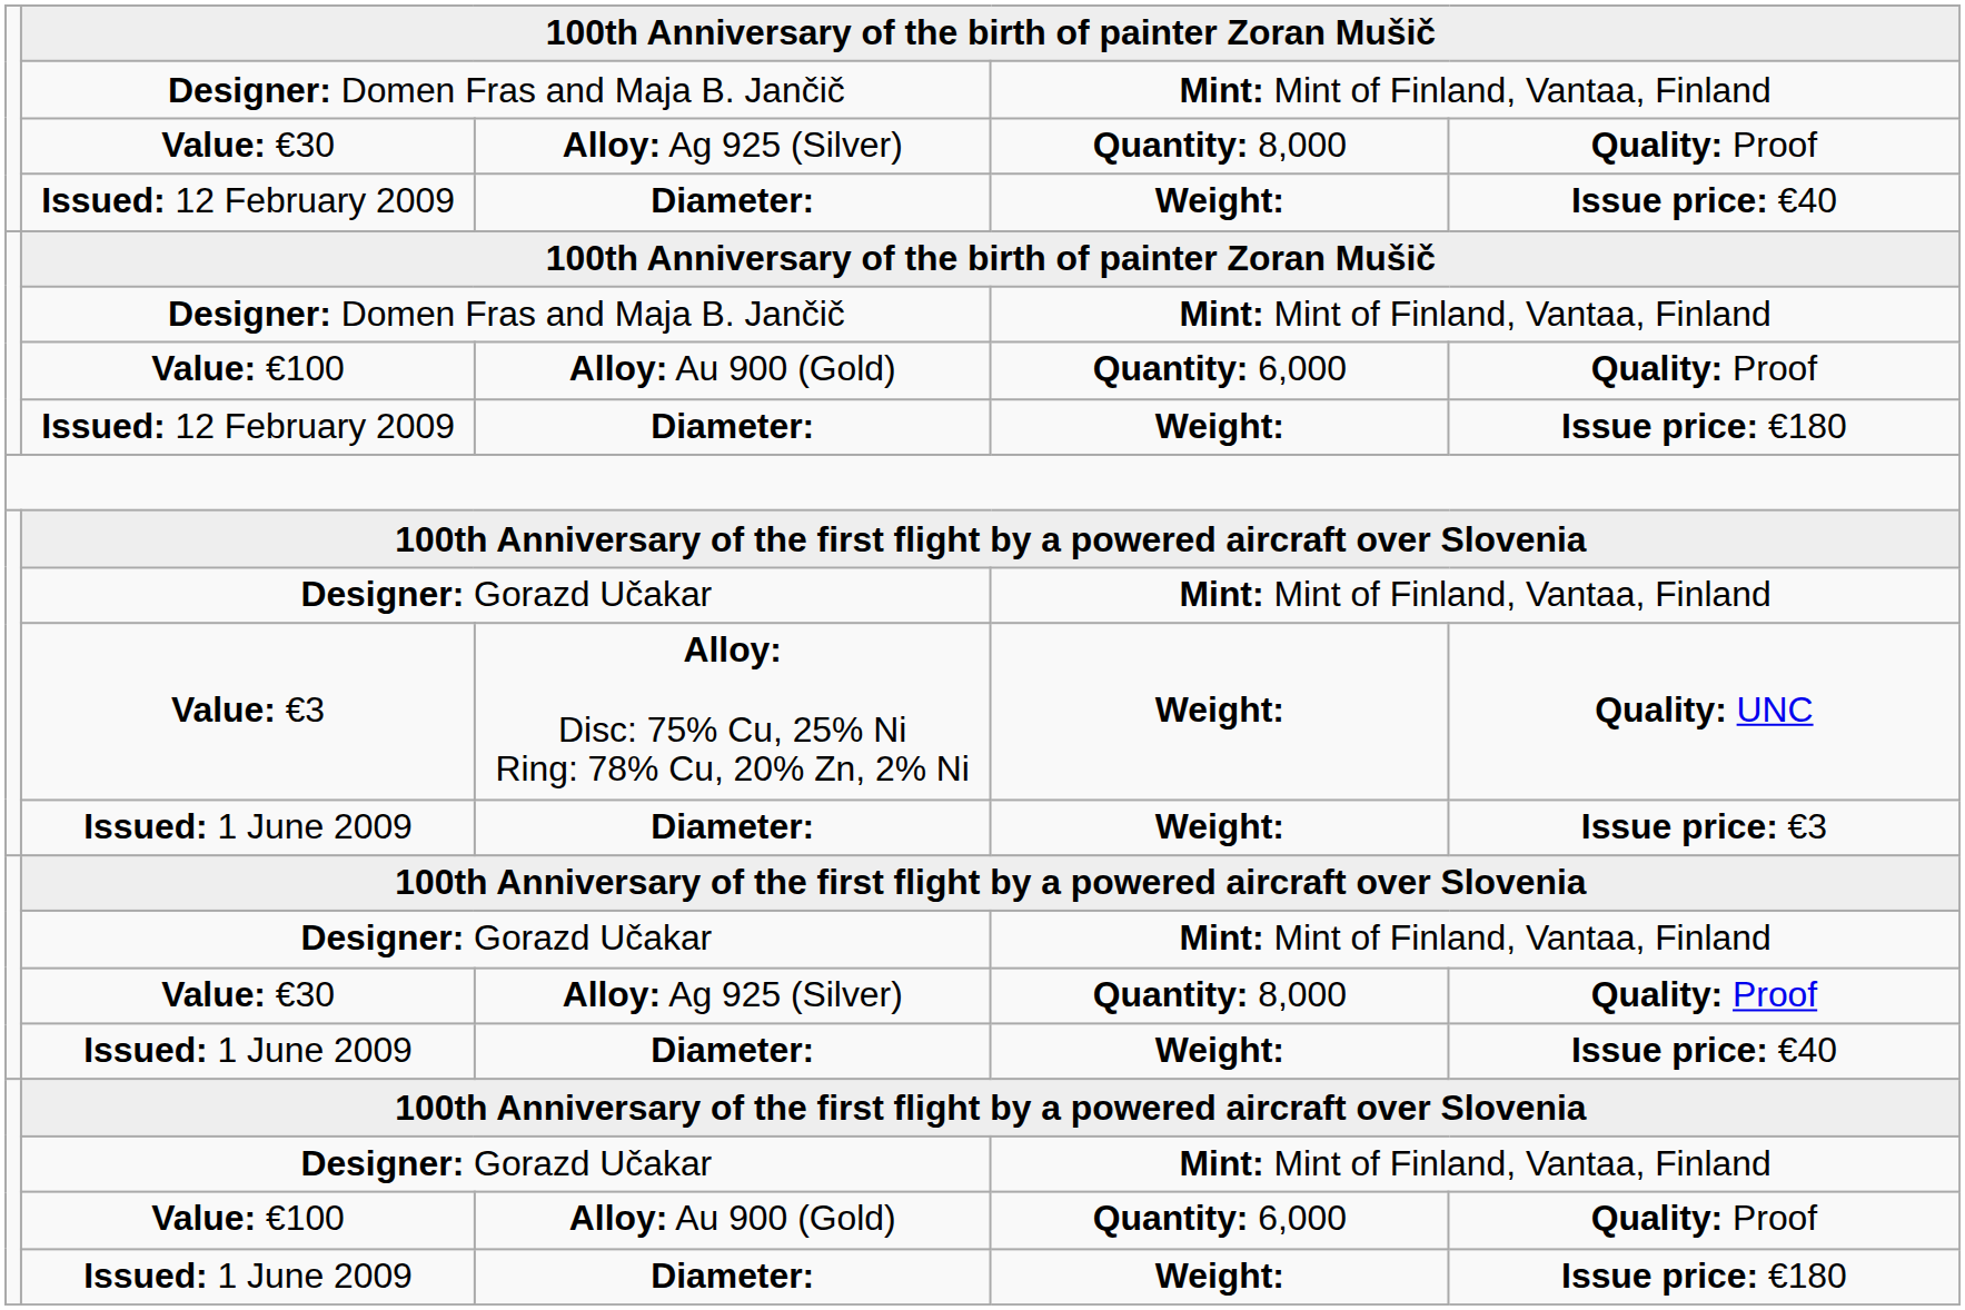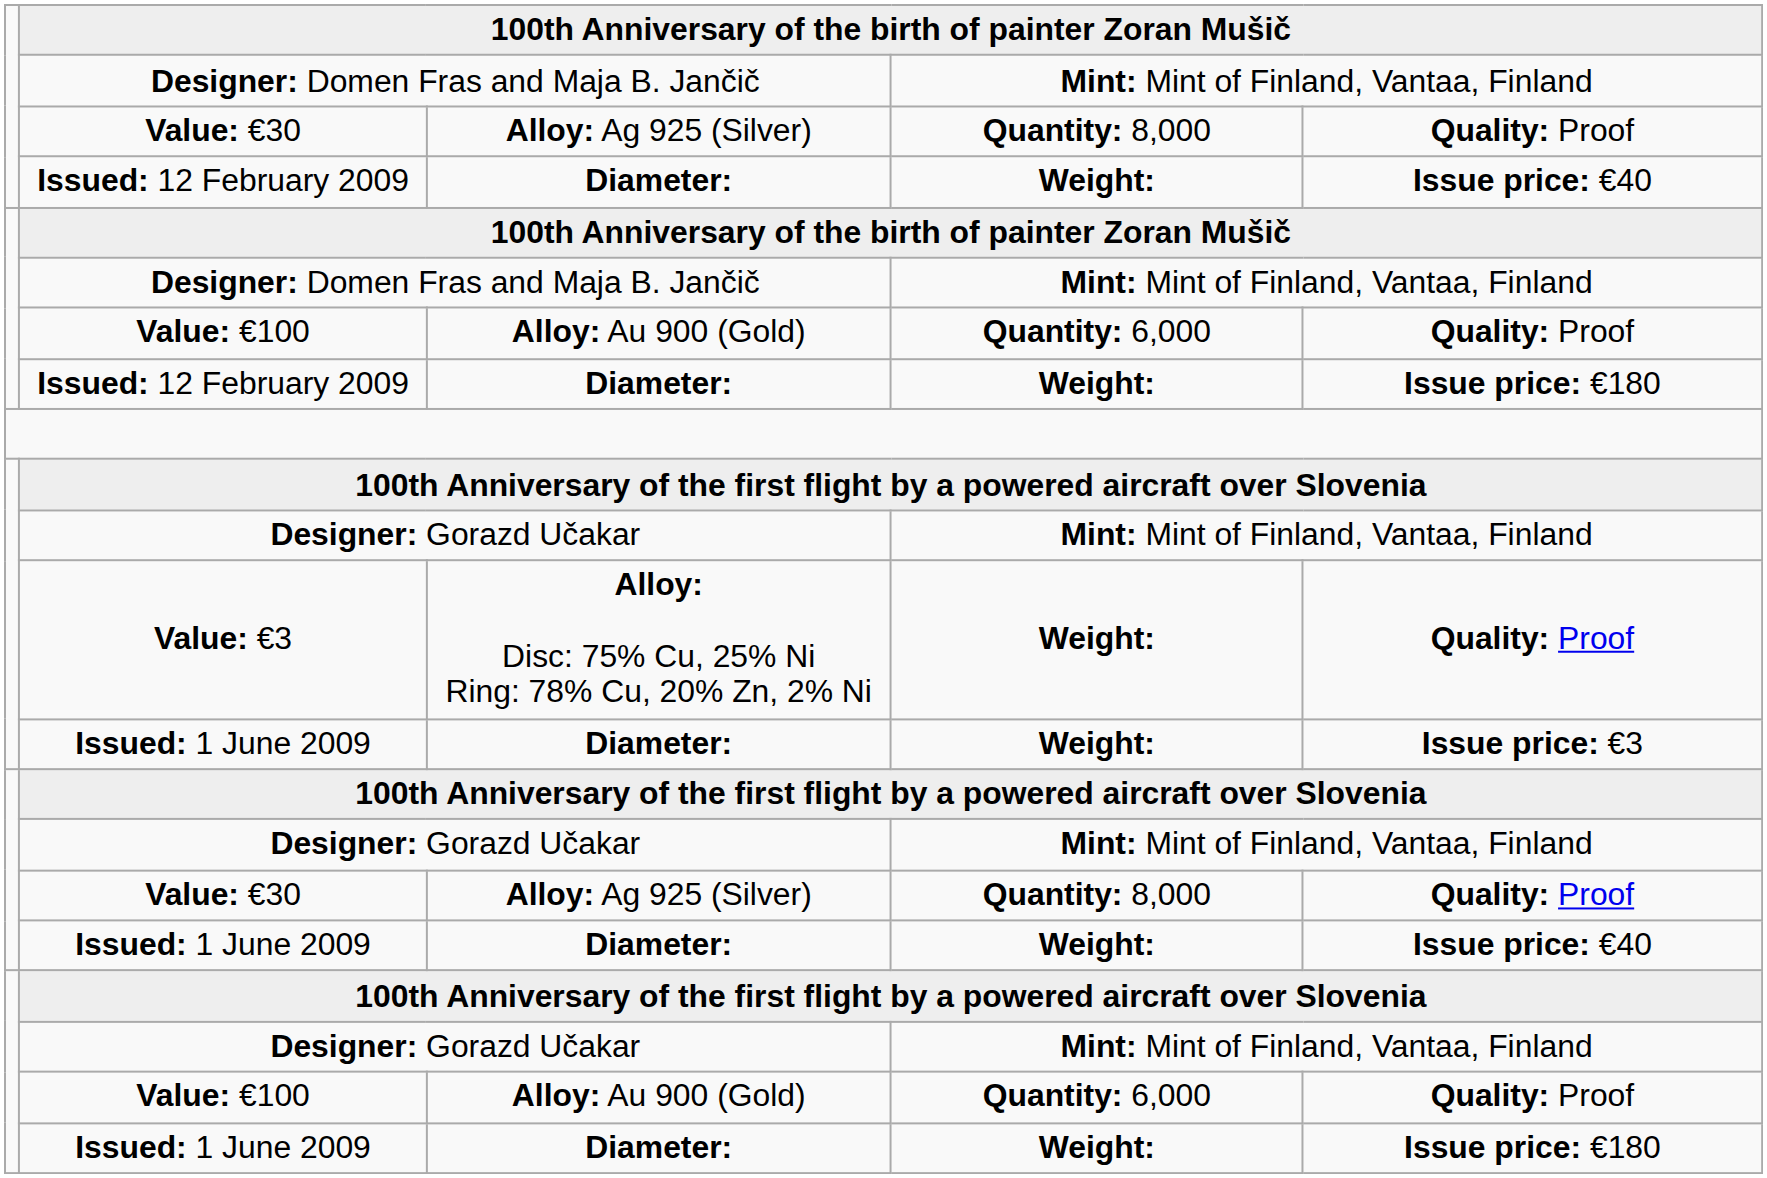 <table class="wikitable" style="width:100%;">
 <tr>
 <td rowspan="4"  style="text-align:center; width:330px; white-space:nowrap;"></td>
 <th colspan="4"  style="text-align:center; background:#eee;">100th Anniversary of the birth of painter Zoran Mušič </th>
 </tr>
 <tr style="text-align:center;">
 <td colspan="2"  style="width:50%; "><strong>Designer:</strong> Domen Fras and Maja B. Jančič</td>
 <td colspan="2"  style="width:50%; "><strong>Mint:</strong> Mint of Finland, Vantaa, Finland</td>
 </tr>
 <tr>
 <td align=center><strong>Value:</strong> €30</td>
 <td align=center><strong>Alloy:</strong> Ag 925 (Silver)</td>
 <td align=center><strong>Quantity:</strong> 8,000</td>
 <td align=center><strong>Quality:</strong> Proof</td>
 </tr>
 <tr>
 <td align=center><strong>Issued:</strong> 12 February 2009</td>
 <td align=center><strong>Diameter:</strong> </td>
 <td align=center><strong>Weight:</strong> </td>
 <td align=center><strong>Issue price:</strong> €40</td>
 </tr>
 <tr>
 <td rowspan="4"  style="text-align:center; width:330px; white-space:nowrap;"></td>
 <th colspan="4"  style="text-align:center; background:#eee;">100th Anniversary of the birth of painter Zoran Mušič </th>
 </tr>
 <tr style="text-align:center;">
 <td colspan="2"  style="width:50%; "><strong>Designer:</strong> Domen Fras and Maja B. Jančič</td>
 <td colspan="2"  style="width:50%; "><strong>Mint:</strong> Mint of Finland, Vantaa, Finland</td>
 </tr>
 <tr>
 <td align=center><strong>Value:</strong> €100</td>
 <td align=center><strong>Alloy:</strong> Au 900 (Gold)</td>
 <td align=center><strong>Quantity:</strong> 6,000</td>
 <td align=center><strong>Quality:</strong> Proof</td>
 </tr>
 <tr>
 <td align=center><strong>Issued:</strong> 12 February 2009</td>
 <td align=center><strong>Diameter:</strong> </td>
 <td align=center><strong>Weight:</strong> </td>
 <td align=center><strong>Issue price:</strong> €180</td>
 </tr>
 <tr>
 <td colspan="5" style="text-align:left;"> </td>
 </tr>
 <tr>
 <td rowspan="4"  style="text-align:center; width:330px; white-space:nowrap;"></td>
 <th colspan="4"  style="text-align:center; background:#eee;">100th Anniversary of the first flight by a powered aircraft over Slovenia </th>
 </tr>
 <tr style="text-align:center;">
 <td colspan="2"  style="width:50%; "><strong>Designer:</strong> Gorazd Učakar</td>
 <td colspan="2"  style="width:50%; "><strong>Mint:</strong> Mint of Finland, Vantaa, Finland</td>
 </tr>
 <tr>
 <td align=center><strong>Value:</strong> €3</td>
 <td align=center><strong>Alloy:</strong><br><br>Disc: 75% Cu, 25% Ni <br> Ring: 78% Cu, 20% Zn, 2% Ni</td>
 <td align=center><strong>Weight:</strong> </td>
-<td align=center><strong>Quality:</strong> <a href='#'>UNC</a></td>
+<td align=center><strong>Quality:</strong> <a href='#'>Proof</a></td>
 </tr>
 <tr>
 <td align=center><strong>Issued:</strong> 1 June 2009</td>
 <td align=center><strong>Diameter:</strong> </td>
 <td align=center><strong>Weight:</strong> </td>
 <td align=center><strong>Issue price:</strong> €3</td>
 </tr>
 <tr>
 <td rowspan="4"  style="text-align:center; width:330px; white-space:nowrap;"></td>
 <th colspan="4"  style="text-align:center; background:#eee;">100th Anniversary of the first flight by a powered aircraft over Slovenia </th>
 </tr>
 <tr style="text-align:center;">
 <td colspan="2"  style="width:50%; "><strong>Designer:</strong> Gorazd Učakar</td>
 <td colspan="2"  style="width:50%; "><strong>Mint:</strong> Mint of Finland, Vantaa, Finland</td>
 </tr>
 <tr>
 <td align=center><strong>Value:</strong> €30</td>
 <td align=center><strong>Alloy:</strong> Ag 925 (Silver)</td>
 <td align=center><strong>Quantity:</strong> 8,000</td>
 <td align=center><strong>Quality:</strong> <a href='#'>Proof</a></td>
 </tr>
 <tr>
 <td align=center><strong>Issued:</strong> 1 June 2009</td>
 <td align=center><strong>Diameter:</strong> </td>
 <td align=center><strong>Weight:</strong> </td>
 <td align=center><strong>Issue price:</strong> €40</td>
 </tr>
 <tr>
 <td rowspan="4"  style="text-align:center; width:330px; white-space:nowrap;"></td>
 <th colspan="4"  style="text-align:center; background:#eee;">100th Anniversary of the first flight by a powered aircraft over Slovenia </th>
 </tr>
 <tr style="text-align:center;">
 <td colspan="2"  style="width:50%; "><strong>Designer:</strong> Gorazd Učakar</td>
 <td colspan="2"  style="width:50%; "><strong>Mint:</strong> Mint of Finland, Vantaa, Finland</td>
 </tr>
 <tr>
 <td align=center><strong>Value:</strong> €100</td>
 <td align=center><strong>Alloy:</strong> Au 900 (Gold)</td>
 <td align=center><strong>Quantity:</strong> 6,000</td>
 <td align=center><strong>Quality:</strong> Proof</td>
 </tr>
 <tr>
 <td align=center><strong>Issued:</strong> 1 June 2009</td>
 <td align=center><strong>Diameter:</strong> </td>
 <td align=center><strong>Weight:</strong> </td>
 <td align=center><strong>Issue price:</strong> €180</td>
 </tr>
 </table>
